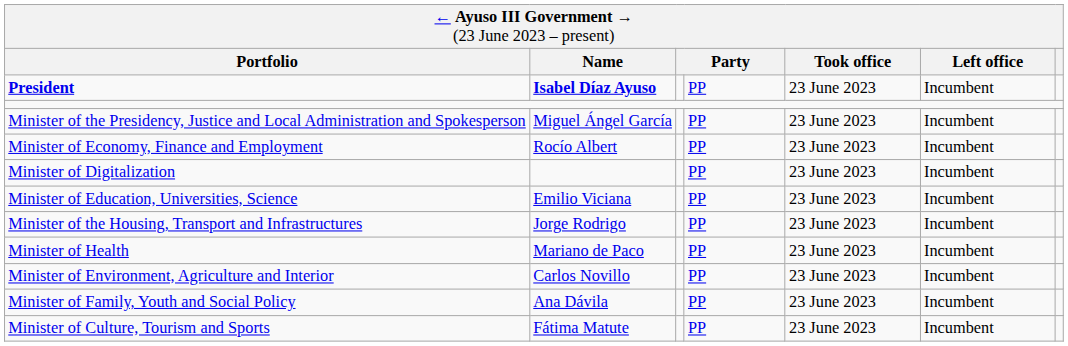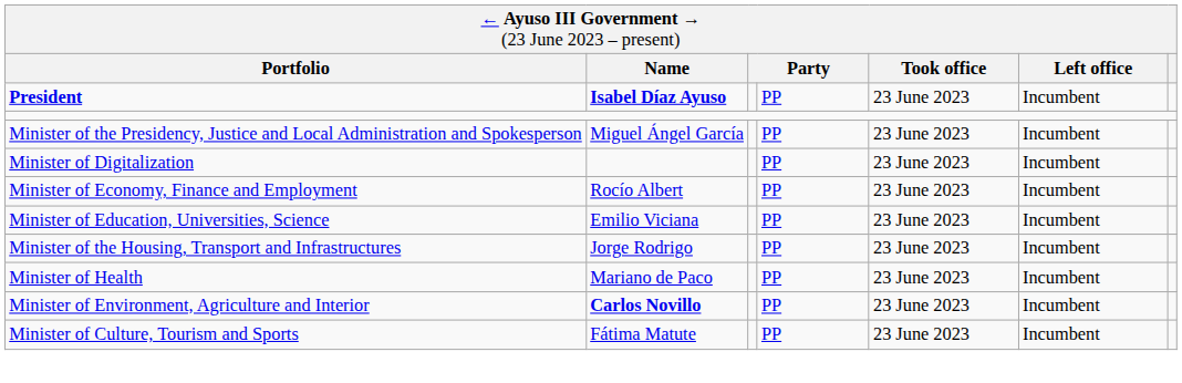 <table class="wikitable">
 <tr>
 <td colspan="7" bgcolor="#F2F2F2" align="center"><a href='#'>←</a> <strong>Ayuso III Government</strong> →<br>(23 June 2023 – present)</td>
 </tr>
 <tr>
 <th>Portfolio</th>
 <th>Name</th>
 <th width="100px" colspan="2">Party</th>
 <th width="125px">Took office</th>
 <th width="125px">Left office</th>
 <th></th>
 </tr>
 <tr>
 <td><strong><a href='#'>President</a></strong></td>
 <td><strong><a href='#'>Isabel Díaz Ayuso</a></strong></td>
 <td width="1" style="background-color:"></td>
 <td><a href='#'>PP</a></td>
 <td>23 June 2023</td>
 <td>Incumbent</td>
 <td align="center"></td>
 </tr>
 <tr>
 <td colspan="7"></td>
 </tr>
 <tr>
 <td><a href='#'>Minister of the Presidency, Justice and Local Administration and Spokesperson</a></td>
 <td><a href='#'>Miguel Ángel García</a></td>
 <td style="background-color:"></td>
 <td><a href='#'>PP</a></td>
 <td>23 June 2023</td>
 <td>Incumbent</td>
 <td align="center"></td>
 </tr>
 <tr>
-<td><a href='#'>Minister of Economy, Finance and Employment</a></td>
-<td><a href='#'>Rocío Albert</a></td>
+<td><a href='#'>Minister of Digitalization</a></td>
+<td></td>
 <td style="background-color:"></td>
 <td><a href='#'>PP</a></td>
 <td>23 June 2023</td>
 <td>Incumbent</td>
 <td align="center"></td>
 </tr>
 <tr>
-<td><a href='#'>Minister of Digitalization</a></td>
-<td></td>
+<td><a href='#'>Minister of Economy, Finance and Employment</a></td>
+<td><a href='#'>Rocío Albert</a></td>
 <td style="background-color:"></td>
 <td><a href='#'>PP</a></td>
 <td>23 June 2023</td>
 <td>Incumbent</td>
 <td align="center"></td>
 </tr>
 <tr>
 <td><a href='#'>Minister of Education, Universities, Science</a></td>
 <td><a href='#'>Emilio Viciana</a></td>
 <td style="background-color:"></td>
 <td><a href='#'>PP</a> </td>
 <td>23 June 2023</td>
 <td>Incumbent</td>
 <td align="center"></td>
 </tr>
 <tr>
 <td><a href='#'>Minister of the Housing, Transport and Infrastructures</a></td>
 <td><a href='#'>Jorge Rodrigo</a></td>
 <td style="background-color:"></td>
 <td><a href='#'>PP</a></td>
 <td>23 June 2023</td>
 <td>Incumbent</td>
 <td align="center"></td>
 </tr>
 <tr>
 <td><a href='#'>Minister of Health</a></td>
 <td><a href='#'>Mariano de Paco</a></td>
 <td style="background-color:"></td>
 <td><a href='#'>PP</a> </td>
 <td>23 June 2023</td>
 <td>Incumbent</td>
 <td align="center"></td>
 </tr>
 <tr>
 <td><a href='#'>Minister of Environment, Agriculture and Interior</a></td>
-<td><a href='#'>Carlos Novillo</a></td>
-<td style="background-color:"></td>
-<td><a href='#'>PP</a></td>
-<td>23 June 2023</td>
-<td>Incumbent</td>
-<td align="center"></td>
-</tr>
-<tr>
-<td><a href='#'>Minister of Family, Youth and Social Policy</a></td>
-<td><a href='#'>Ana Dávila</a></td>
+<td><strong><a href='#'>Carlos Novillo</a></strong></td>
 <td style="background-color:"></td>
 <td><a href='#'>PP</a></td>
 <td>23 June 2023</td>
 <td>Incumbent</td>
 <td align="center"></td>
 </tr>
 <tr>
 <td><a href='#'>Minister of Culture, Tourism and Sports</a></td>
 <td><a href='#'>Fátima Matute</a></td>
 <td style="background-color:"></td>
 <td><a href='#'>PP</a> </td>
 <td>23 June 2023</td>
 <td>Incumbent</td>
 <td align="center"></td>
 </tr>
 </table>
